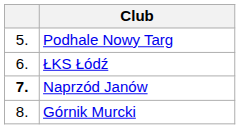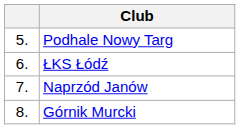 <table class="wikitable">
 <tr>
 <th width="30"></th>
 <th width="200">Club</th>
 </tr>
 <tr bgcolor="#FFFFFF" align="center">
 <td>5.</td>
 <td align="left"><a href='#'>Podhale Nowy Targ</a></td>
 </tr>
 <tr bgcolor="#FFFFFF" align="center">
 <td>6.</td>
 <td align="left"><a href='#'>ŁKS Łódź</a></td>
 </tr>
 <tr bgcolor="#FFFFFF" align="center">
-<td><strong>7.</strong></td>
+<td>7.</td>
 <td align="left"><a href='#'>Naprzód Janów</a></td>
 </tr>
 <tr bgcolor="#FFFFFF" align="center">
 <td>8.</td>
 <td align="left"><a href='#'>Górnik Murcki</a></td>
 </tr>
 </table>
